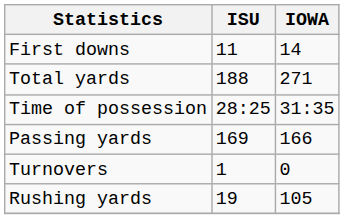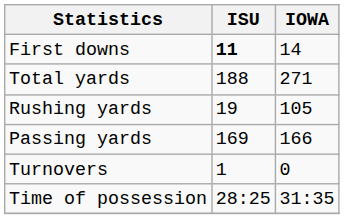 <table class="wikitable">
 <tr>
 <th>Statistics</th>
 <th>ISU</th>
 <th>IOWA</th>
 </tr>
 <tr>
 <td>First downs</td>
-<td>11</td>
+<td><strong>11</strong></td>
 <td>14</td>
 </tr>
 <tr>
 <td>Total yards</td>
 <td>188</td>
 <td>271</td>
 </tr>
 <tr>
-<td>Time of possession</td>
-<td>28:25</td>
-<td>31:35</td>
+<td>Rushing yards</td>
+<td>19</td>
+<td>105</td>
 </tr>
 <tr>
 <td>Passing yards</td>
 <td>169</td>
 <td>166</td>
 </tr>
 <tr>
 <td>Turnovers</td>
 <td>1</td>
 <td>0</td>
 </tr>
 <tr>
-<td>Rushing yards</td>
-<td>19</td>
-<td>105</td>
+<td>Time of possession</td>
+<td>28:25</td>
+<td>31:35</td>
 </tr>
 <tr>
 </tr>
 </table>
